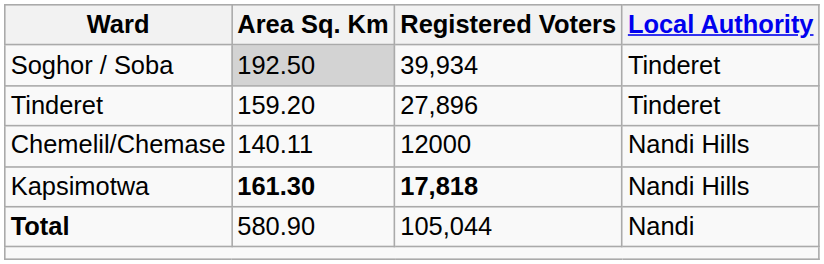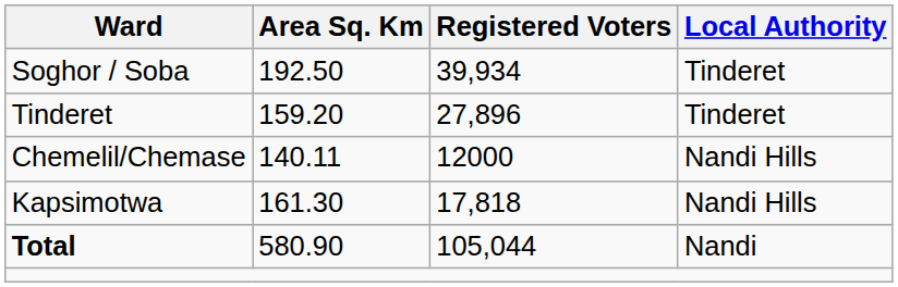 <table class="wikitable">
 <tr>
 <th>Ward</th>
 <th>Area Sq. Km</th>
 <th>Registered Voters</th>
 <th><a href='#'>Local Authority</a></th>
 </tr>
 <tr>
 <td>Soghor / Soba</td>
-<td style="background: lightgrey;">192.50</td>
+<td>192.50</td>
 <td>39,934</td>
 <td>Tinderet</td>
 </tr>
 <tr>
 <td>Tinderet</td>
 <td>159.20</td>
 <td>27,896</td>
 <td>Tinderet</td>
 </tr>
 <tr>
 <td>Chemelil/Chemase</td>
 <td>140.11</td>
 <td>12000</td>
 <td>Nandi Hills</td>
 </tr>
 <tr>
 <td>Kapsimotwa</td>
-<td><strong>161.30</strong></td>
-<td><strong>17,818</strong></td>
+<td>161.30</td>
+<td>17,818</td>
 <td>Nandi Hills</td>
 </tr>
 <tr>
 <td><strong>Total</strong></td>
 <td>580.90</td>
 <td>105,044</td>
 <td>Nandi</td>
 </tr>
 <tr>
 <td colspan="4"></td>
 </tr>
 </table>
